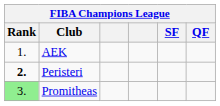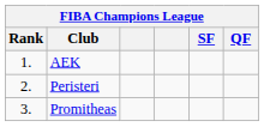 <table class="wikitable" style="text-align:center">
 <tr style="font-size:90%">
 <th colspan="6"><a href='#'>FIBA Champions League</a></th>
 </tr>
 <tr>
 <th>Rank</th>
 <th width="60">Club</th>
 <th width="30"></th>
 <th width="30"></th>
 <th width="30"><a href='#'>SF</a></th>
 <th width="30"><a href='#'>QF</a></th>
 </tr>
 <tr>
 <td>1.</td>
 <td align="left"><a href='#'>AEK</a></td>
 <td></td>
 <td></td>
 <td></td>
 <td></td>
 </tr>
 <tr>
-<td><strong>2.</strong></td>
+<td>2.</td>
 <td align="left"><a href='#'>Peristeri</a></td>
 <td></td>
 <td></td>
 <td></td>
 <td></td>
 </tr>
 <tr>
-<td style="background: lightgreen;">3.</td>
+<td>3.</td>
 <td align="left"><a href='#'>Promitheas</a></td>
 <td></td>
 <td></td>
 <td></td>
 <td></td>
 </tr>
 </table>
